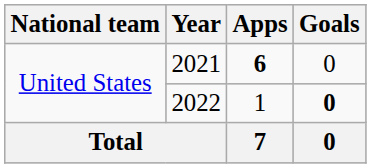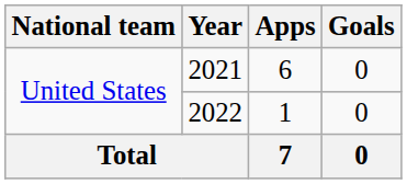 <table class=wikitable style=text-align:center>
 <tr>
 <th>National team</th>
 <th>Year</th>
 <th>Apps</th>
 <th>Goals</th>
 </tr>
 <tr>
 <td rowspan="2"><a href='#'>United States</a></td>
 <td>2021</td>
-<td><strong>6</strong></td>
+<td>6</td>
 <td>0</td>
 </tr>
 <tr>
 <td>2022</td>
 <td>1</td>
-<td><strong>0</strong></td>
+<td>0</td>
 </tr>
 <tr>
 <th colspan="2">Total</th>
 <th>7</th>
 <th>0</th>
 </tr>
 </table>
